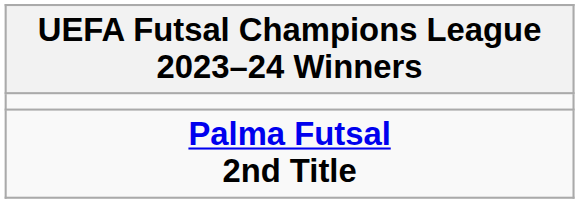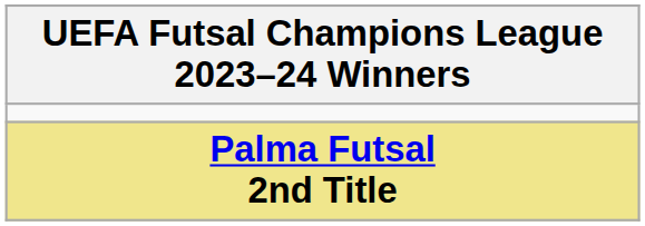 <table class="wikitable" style="text-align: center; margin: 0 auto; width: 22%">
 <tr>
 <th>UEFA Futsal Champions League <br>2023–24 Winners</th>
 </tr>
 <tr>
 <td></td>
 </tr>
 <tr>
-<td><strong><a href='#'>Palma Futsal</a> </strong><br><strong>2nd Title</strong></td>
+<td style="background: khaki;"><strong><a href='#'>Palma Futsal</a> </strong><br><strong>2nd Title</strong></td>
 </tr>
 </table>
